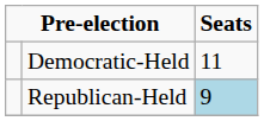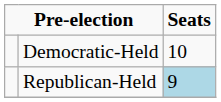 <table class= "wikitable">
 <tr>
 <td colspan= "2" rowspan= "1" align= "center" valign= "top"><strong>Pre-election</strong></td>
 <td valign= "top"><strong>Seats</strong><br></td>
 </tr>
 <tr>
 <td style="background-color:"> </td>
 <td>Democratic-Held</td>
-<td>11</td>
+<td>10</td>
 </tr>
 <tr>
 <td style="background-color:"> </td>
 <td>Republican-Held</td>
 <td style="background: lightblue;">9</td>
 </tr>
 <tr>
 </tr>
 </table>
